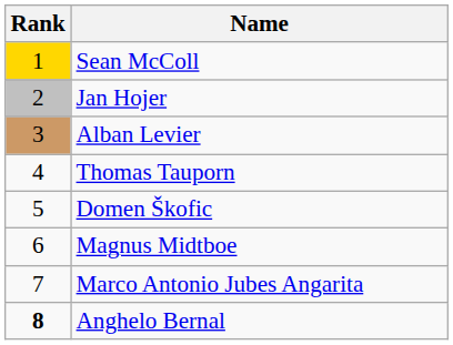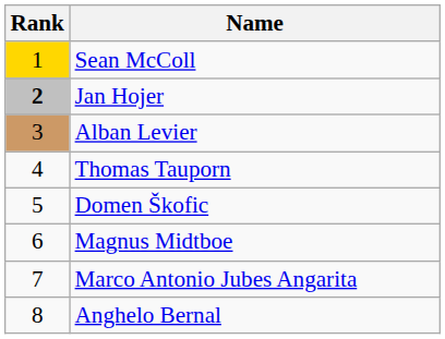 <table class="wikitable">
 <tr>
 <th>Rank</th>
 <th width = "250">Name</th>
 </tr>
 <tr>
 <td align="center" style="background: gold">1</td>
 <td> <a href='#'>Sean McColl</a></td>
 </tr>
 <tr>
-<td align="center" style="background: silver">2</td>
+<td align="center" style="background: silver"><strong>2</strong></td>
 <td> <a href='#'>Jan Hojer</a></td>
 </tr>
 <tr>
 <td align="center" style="background: #cc9966">3</td>
 <td> <a href='#'>Alban Levier</a></td>
 </tr>
 <tr>
 <td align="center">4</td>
 <td> <a href='#'>Thomas Tauporn</a></td>
 </tr>
 <tr>
 <td align="center">5</td>
 <td> <a href='#'>Domen Škofic</a></td>
 </tr>
 <tr>
 <td align="center">6</td>
 <td> <a href='#'>Magnus Midtboe</a></td>
 </tr>
 <tr>
 <td align="center">7</td>
 <td> <a href='#'>Marco Antonio Jubes Angarita</a></td>
 </tr>
 <tr>
-<td align="center"><strong>8</strong></td>
+<td align="center">8</td>
 <td> <a href='#'>Anghelo Bernal</a></td>
 </tr>
 </table>
